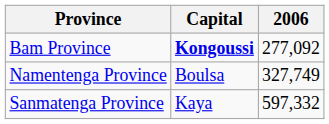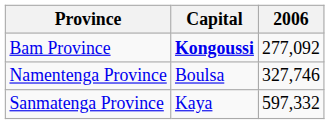 <table class="wikitable" | style="clear:right; float:right;">
 <tr>
 <th>Province</th>
 <th>Capital</th>
 <th>2006</th>
 </tr>
 <tr>
 <td><a href='#'>Bam Province</a></td>
 <td><strong><a href='#'>Kongoussi</a></strong></td>
 <td>277,092</td>
 </tr>
 <tr>
 <td><a href='#'>Namentenga Province</a></td>
 <td><a href='#'>Boulsa</a></td>
-<td>327,749</td>
+<td>327,746</td>
 </tr>
 <tr>
 <td><a href='#'>Sanmatenga Province</a></td>
 <td><a href='#'>Kaya</a></td>
 <td>597,332</td>
 </tr>
 </table>
